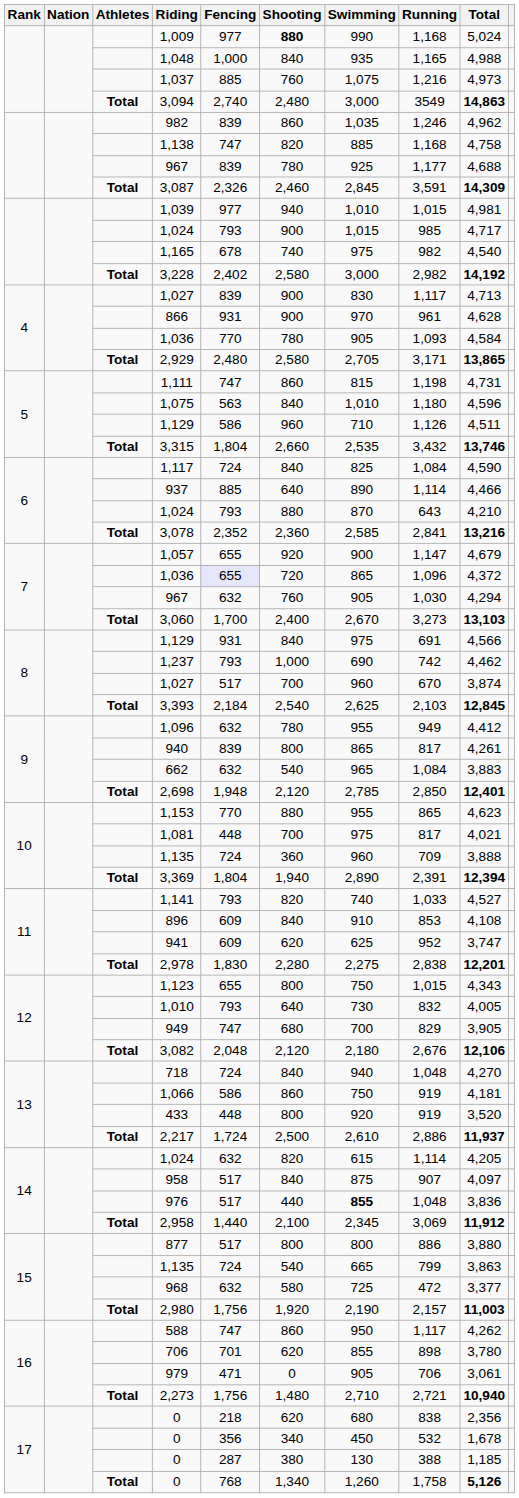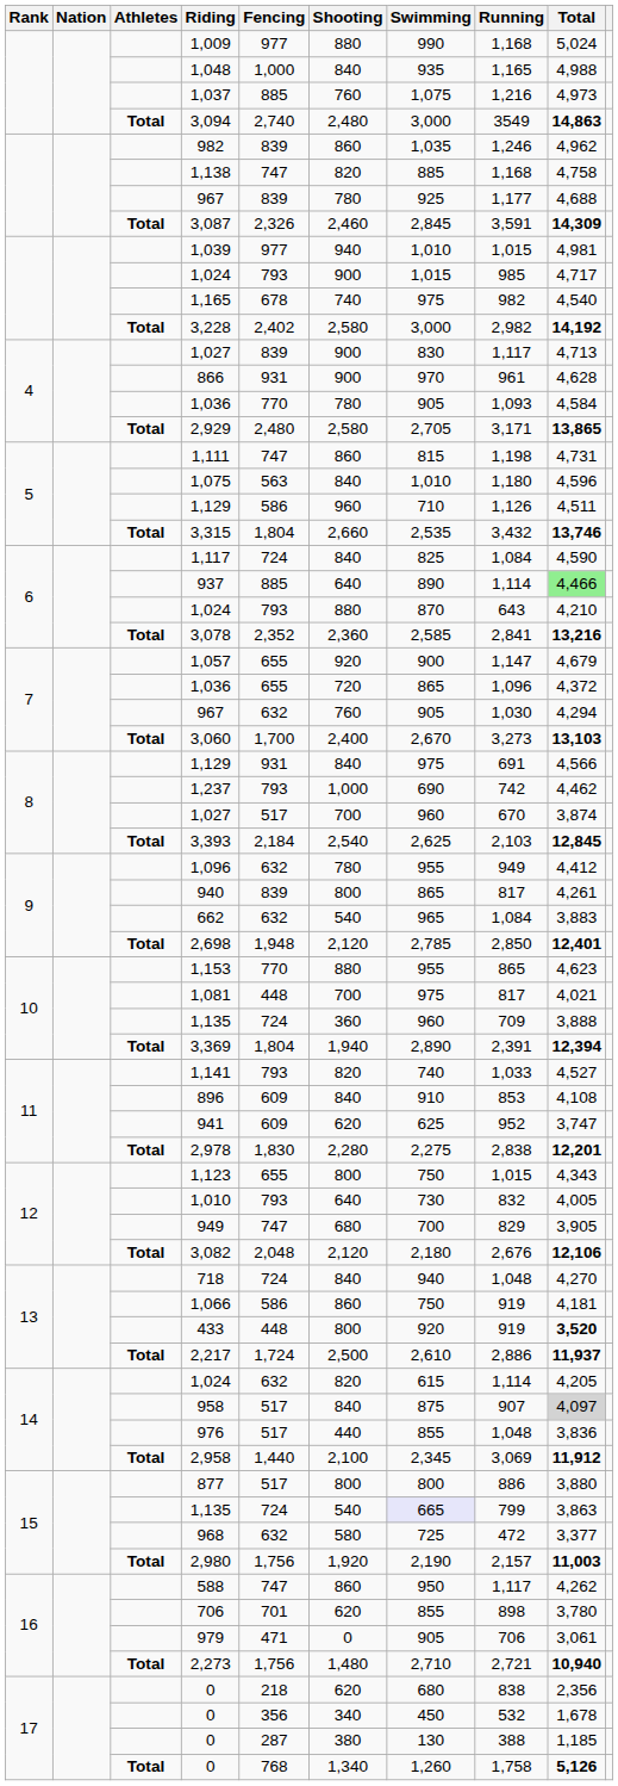 <table class="wikitable sortable" style="text-align:center">
 <tr>
 <th>Rank</th>
 <th>Nation</th>
 <th>Athletes</th>
 <th>Riding</th>
 <th>Fencing</th>
 <th>Shooting</th>
 <th>Swimming</th>
 <th>Running</th>
 <th>Total</th>
 <th></th>
 </tr>
 <tr>
 <td rowspan=4></td>
 <td rowspan=4 align=left></td>
 <td align=left></td>
 <td>1,009</td>
 <td>977</td>
-<td><strong>880</strong></td>
+<td>880</td>
 <td>990</td>
 <td>1,168</td>
 <td>5,024</td>
 <td></td>
 </tr>
 <tr>
 <td align=left></td>
 <td>1,048</td>
 <td>1,000</td>
 <td>840</td>
 <td>935</td>
 <td>1,165</td>
 <td>4,988</td>
 <td></td>
 </tr>
 <tr>
 <td align=left></td>
 <td>1,037</td>
 <td>885</td>
 <td>760</td>
 <td>1,075</td>
 <td>1,216</td>
 <td>4,973</td>
 <td></td>
 </tr>
 <tr>
 <td><strong>Total</strong></td>
 <td>3,094</td>
 <td>2,740</td>
 <td>2,480</td>
 <td>3,000</td>
 <td>3549</td>
 <td><strong>14,863</strong></td>
 <td></td>
 </tr>
 <tr>
 <td rowspan=4></td>
 <td rowspan=4 align=left></td>
 <td align=left></td>
 <td>982</td>
 <td>839</td>
 <td>860</td>
 <td>1,035</td>
 <td>1,246</td>
 <td>4,962</td>
 <td></td>
 </tr>
 <tr>
 <td align=left></td>
 <td>1,138</td>
 <td>747</td>
 <td>820</td>
 <td>885</td>
 <td>1,168</td>
 <td>4,758</td>
 <td></td>
 </tr>
 <tr>
 <td align=left></td>
 <td>967</td>
 <td>839</td>
 <td>780</td>
 <td>925</td>
 <td>1,177</td>
 <td>4,688</td>
 <td></td>
 </tr>
 <tr>
 <td><strong>Total</strong></td>
 <td>3,087</td>
 <td>2,326</td>
 <td>2,460</td>
 <td>2,845</td>
 <td>3,591</td>
 <td><strong>14,309</strong></td>
 <td></td>
 </tr>
 <tr>
 <td rowspan=4></td>
 <td rowspan=4 align=left></td>
 <td align=left></td>
 <td>1,039</td>
 <td>977</td>
 <td>940</td>
 <td>1,010</td>
 <td>1,015</td>
 <td>4,981</td>
 <td></td>
 </tr>
 <tr>
 <td align=left></td>
 <td>1,024</td>
 <td>793</td>
 <td>900</td>
 <td>1,015</td>
 <td>985</td>
 <td>4,717</td>
 <td></td>
 </tr>
 <tr>
 <td align=left></td>
 <td>1,165</td>
 <td>678</td>
 <td>740</td>
 <td>975</td>
 <td>982</td>
 <td>4,540</td>
 <td></td>
 </tr>
 <tr>
 <td><strong>Total</strong></td>
 <td>3,228</td>
 <td>2,402</td>
 <td>2,580</td>
 <td>3,000</td>
 <td>2,982</td>
 <td><strong>14,192</strong></td>
 <td></td>
 </tr>
 <tr>
 <td rowspan=4>4</td>
 <td rowspan=4 align=left></td>
 <td align=left></td>
 <td>1,027</td>
 <td>839</td>
 <td>900</td>
 <td>830</td>
 <td>1,117</td>
 <td>4,713</td>
 <td></td>
 </tr>
 <tr>
 <td align=left></td>
 <td>866</td>
 <td>931</td>
 <td>900</td>
 <td>970</td>
 <td>961</td>
 <td>4,628</td>
 <td></td>
 </tr>
 <tr>
 <td align=left></td>
 <td>1,036</td>
 <td>770</td>
 <td>780</td>
 <td>905</td>
 <td>1,093</td>
 <td>4,584</td>
 <td></td>
 </tr>
 <tr>
 <td><strong>Total</strong></td>
 <td>2,929</td>
 <td>2,480</td>
 <td>2,580</td>
 <td>2,705</td>
 <td>3,171</td>
 <td><strong>13,865</strong></td>
 <td></td>
 </tr>
 <tr>
 <td rowspan=4>5</td>
 <td rowspan=4 align=left></td>
 <td align=left></td>
 <td>1,111</td>
 <td>747</td>
 <td>860</td>
 <td>815</td>
 <td>1,198</td>
 <td>4,731</td>
 <td></td>
 </tr>
 <tr>
 <td align=left></td>
 <td>1,075</td>
 <td>563</td>
 <td>840</td>
 <td>1,010</td>
 <td>1,180</td>
 <td>4,596</td>
 <td></td>
 </tr>
 <tr>
 <td align=left></td>
 <td>1,129</td>
 <td>586</td>
 <td>960</td>
 <td>710</td>
 <td>1,126</td>
 <td>4,511</td>
 <td></td>
 </tr>
 <tr>
 <td><strong>Total</strong></td>
 <td>3,315</td>
 <td>1,804</td>
 <td>2,660</td>
 <td>2,535</td>
 <td>3,432</td>
 <td><strong>13,746</strong></td>
 <td></td>
 </tr>
 <tr>
 <td rowspan=4>6</td>
 <td rowspan=4 align=left></td>
 <td align=left></td>
 <td>1,117</td>
 <td>724</td>
 <td>840</td>
 <td>825</td>
 <td>1,084</td>
 <td>4,590</td>
 <td></td>
 </tr>
 <tr>
 <td align=left></td>
 <td>937</td>
 <td>885</td>
 <td>640</td>
 <td>890</td>
 <td>1,114</td>
-<td>4,466</td>
+<td style="background: lightgreen;">4,466</td>
 <td></td>
 </tr>
 <tr>
 <td align=left></td>
 <td>1,024</td>
 <td>793</td>
 <td>880</td>
 <td>870</td>
 <td>643</td>
 <td>4,210</td>
 <td></td>
 </tr>
 <tr>
 <td><strong>Total</strong></td>
 <td>3,078</td>
 <td>2,352</td>
 <td>2,360</td>
 <td>2,585</td>
 <td>2,841</td>
 <td><strong>13,216</strong></td>
 <td></td>
 </tr>
 <tr>
 <td rowspan=4>7</td>
 <td rowspan=4 align=left></td>
 <td align=left></td>
 <td>1,057</td>
 <td>655</td>
 <td>920</td>
 <td>900</td>
 <td>1,147</td>
 <td>4,679</td>
 <td></td>
 </tr>
 <tr>
 <td align=left></td>
 <td>1,036</td>
-<td style="background: lavender;">655</td>
+<td>655</td>
 <td>720</td>
 <td>865</td>
 <td>1,096</td>
 <td>4,372</td>
 <td></td>
 </tr>
 <tr>
 <td align=left></td>
 <td>967</td>
 <td>632</td>
 <td>760</td>
 <td>905</td>
 <td>1,030</td>
 <td>4,294</td>
 <td></td>
 </tr>
 <tr>
 <td><strong>Total</strong></td>
 <td>3,060</td>
 <td>1,700</td>
 <td>2,400</td>
 <td>2,670</td>
 <td>3,273</td>
 <td><strong>13,103</strong></td>
 <td></td>
 </tr>
 <tr>
 <td rowspan=4>8</td>
 <td rowspan=4 align=left></td>
 <td align=left></td>
 <td>1,129</td>
 <td>931</td>
 <td>840</td>
 <td>975</td>
 <td>691</td>
 <td>4,566</td>
 <td></td>
 </tr>
 <tr>
 <td align=left></td>
 <td>1,237</td>
 <td>793</td>
 <td>1,000</td>
 <td>690</td>
 <td>742</td>
 <td>4,462</td>
 <td></td>
 </tr>
 <tr>
 <td align=left></td>
 <td>1,027</td>
 <td>517</td>
 <td>700</td>
 <td>960</td>
 <td>670</td>
 <td>3,874</td>
 <td></td>
 </tr>
 <tr>
 <td><strong>Total</strong></td>
 <td>3,393</td>
 <td>2,184</td>
 <td>2,540</td>
 <td>2,625</td>
 <td>2,103</td>
 <td><strong>12,845</strong></td>
 <td></td>
 </tr>
 <tr>
 <td rowspan=4>9</td>
 <td rowspan=4 align=left></td>
 <td align=left></td>
 <td>1,096</td>
 <td>632</td>
 <td>780</td>
 <td>955</td>
 <td>949</td>
 <td>4,412</td>
 <td></td>
 </tr>
 <tr>
 <td align=left></td>
 <td>940</td>
 <td>839</td>
 <td>800</td>
 <td>865</td>
 <td>817</td>
 <td>4,261</td>
 <td></td>
 </tr>
 <tr>
 <td align=left></td>
 <td>662</td>
 <td>632</td>
 <td>540</td>
 <td>965</td>
 <td>1,084</td>
 <td>3,883</td>
 <td></td>
 </tr>
 <tr>
 <td><strong>Total</strong></td>
 <td>2,698</td>
 <td>1,948</td>
 <td>2,120</td>
 <td>2,785</td>
 <td>2,850</td>
 <td><strong>12,401</strong></td>
 <td></td>
 </tr>
 <tr>
 <td rowspan=4>10</td>
 <td rowspan=4 align=left></td>
 <td align=left></td>
 <td>1,153</td>
 <td>770</td>
 <td>880</td>
 <td>955</td>
 <td>865</td>
 <td>4,623</td>
 <td></td>
 </tr>
 <tr>
 <td align=left></td>
 <td>1,081</td>
 <td>448</td>
 <td>700</td>
 <td>975</td>
 <td>817</td>
 <td>4,021</td>
 <td></td>
 </tr>
 <tr>
 <td align=left></td>
 <td>1,135</td>
 <td>724</td>
 <td>360</td>
 <td>960</td>
 <td>709</td>
 <td>3,888</td>
 <td></td>
 </tr>
 <tr>
 <td><strong>Total</strong></td>
 <td>3,369</td>
 <td>1,804</td>
 <td>1,940</td>
 <td>2,890</td>
 <td>2,391</td>
 <td><strong>12,394</strong></td>
 <td></td>
 </tr>
 <tr>
 <td rowspan=4>11</td>
 <td rowspan=4 align=left></td>
 <td align=left></td>
 <td>1,141</td>
 <td>793</td>
 <td>820</td>
 <td>740</td>
 <td>1,033</td>
 <td>4,527</td>
 <td></td>
 </tr>
 <tr>
 <td align=left></td>
 <td>896</td>
 <td>609</td>
 <td>840</td>
 <td>910</td>
 <td>853</td>
 <td>4,108</td>
 <td></td>
 </tr>
 <tr>
 <td align=left></td>
 <td>941</td>
 <td>609</td>
 <td>620</td>
 <td>625</td>
 <td>952</td>
 <td>3,747</td>
 <td></td>
 </tr>
 <tr>
 <td><strong>Total</strong></td>
 <td>2,978</td>
 <td>1,830</td>
 <td>2,280</td>
 <td>2,275</td>
 <td>2,838</td>
 <td><strong>12,201</strong></td>
 <td></td>
 </tr>
 <tr>
 <td rowspan=4>12</td>
 <td rowspan=4 align=left></td>
 <td align=left></td>
 <td>1,123</td>
 <td>655</td>
 <td>800</td>
 <td>750</td>
 <td>1,015</td>
 <td>4,343</td>
 <td></td>
 </tr>
 <tr>
 <td align=left></td>
 <td>1,010</td>
 <td>793</td>
 <td>640</td>
 <td>730</td>
 <td>832</td>
 <td>4,005</td>
 <td></td>
 </tr>
 <tr>
 <td align=left></td>
 <td>949</td>
 <td>747</td>
 <td>680</td>
 <td>700</td>
 <td>829</td>
 <td>3,905</td>
 <td></td>
 </tr>
 <tr>
 <td><strong>Total</strong></td>
 <td>3,082</td>
 <td>2,048</td>
 <td>2,120</td>
 <td>2,180</td>
 <td>2,676</td>
 <td><strong>12,106</strong></td>
 <td></td>
 </tr>
 <tr>
 <td rowspan=4>13</td>
 <td rowspan=4 align=left></td>
 <td align=left></td>
 <td>718</td>
 <td>724</td>
 <td>840</td>
 <td>940</td>
 <td>1,048</td>
 <td>4,270</td>
 <td></td>
 </tr>
 <tr>
 <td align=left></td>
 <td>1,066</td>
 <td>586</td>
 <td>860</td>
 <td>750</td>
 <td>919</td>
 <td>4,181</td>
 <td></td>
 </tr>
 <tr>
 <td align=left></td>
 <td>433</td>
 <td>448</td>
 <td>800</td>
 <td>920</td>
 <td>919</td>
-<td>3,520</td>
+<td><strong>3,520</strong></td>
 <td></td>
 </tr>
 <tr>
 <td><strong>Total</strong></td>
 <td>2,217</td>
 <td>1,724</td>
 <td>2,500</td>
 <td>2,610</td>
 <td>2,886</td>
 <td><strong>11,937</strong></td>
 <td></td>
 </tr>
 <tr>
 <td rowspan=4>14</td>
 <td rowspan=4 align=left></td>
 <td align=left></td>
 <td>1,024</td>
 <td>632</td>
 <td>820</td>
 <td>615</td>
 <td>1,114</td>
 <td>4,205</td>
 <td></td>
 </tr>
 <tr>
 <td align=left></td>
 <td>958</td>
 <td>517</td>
 <td>840</td>
 <td>875</td>
 <td>907</td>
-<td>4,097</td>
+<td style="background: lightgrey;">4,097</td>
 <td></td>
 </tr>
 <tr>
 <td align=left></td>
 <td>976</td>
 <td>517</td>
 <td>440</td>
-<td><strong>855</strong></td>
+<td>855</td>
 <td>1,048</td>
 <td>3,836</td>
 <td></td>
 </tr>
 <tr>
 <td><strong>Total</strong></td>
 <td>2,958</td>
 <td>1,440</td>
 <td>2,100</td>
 <td>2,345</td>
 <td>3,069</td>
 <td><strong>11,912</strong></td>
 <td></td>
 </tr>
 <tr>
 <td rowspan=4>15</td>
 <td rowspan=4 align=left></td>
 <td align=left></td>
 <td>877</td>
 <td>517</td>
 <td>800</td>
 <td>800</td>
 <td>886</td>
 <td>3,880</td>
 <td></td>
 </tr>
 <tr>
 <td align=left></td>
 <td>1,135</td>
 <td>724</td>
 <td>540</td>
-<td>665</td>
+<td style="background: lavender;">665</td>
 <td>799</td>
 <td>3,863</td>
 <td></td>
 </tr>
 <tr>
 <td align=left></td>
 <td>968</td>
 <td>632</td>
 <td>580</td>
 <td>725</td>
 <td>472</td>
 <td>3,377</td>
 <td></td>
 </tr>
 <tr>
 <td><strong>Total</strong></td>
 <td>2,980</td>
 <td>1,756</td>
 <td>1,920</td>
 <td>2,190</td>
 <td>2,157</td>
 <td><strong>11,003</strong></td>
 <td></td>
 </tr>
 <tr>
 <td rowspan=4>16</td>
 <td rowspan=4 align=left></td>
 <td align=left></td>
 <td>588</td>
 <td>747</td>
 <td>860</td>
 <td>950</td>
 <td>1,117</td>
 <td>4,262</td>
 <td></td>
 </tr>
 <tr>
 <td align=left></td>
 <td>706</td>
 <td>701</td>
 <td>620</td>
 <td>855</td>
 <td>898</td>
 <td>3,780</td>
 <td></td>
 </tr>
 <tr>
 <td align=left></td>
 <td>979</td>
 <td>471</td>
 <td>0</td>
 <td>905</td>
 <td>706</td>
 <td>3,061</td>
 <td></td>
 </tr>
 <tr>
 <td><strong>Total</strong></td>
 <td>2,273</td>
 <td>1,756</td>
 <td>1,480</td>
 <td>2,710</td>
 <td>2,721</td>
 <td><strong>10,940</strong></td>
 <td></td>
 </tr>
 <tr>
 <td rowspan=4>17</td>
 <td rowspan=4 align=left></td>
 <td align=left></td>
 <td>0</td>
 <td>218</td>
 <td>620</td>
 <td>680</td>
 <td>838</td>
 <td>2,356</td>
 <td></td>
 </tr>
 <tr>
 <td align=left></td>
 <td>0</td>
 <td>356</td>
 <td>340</td>
 <td>450</td>
 <td>532</td>
 <td>1,678</td>
 <td></td>
 </tr>
 <tr>
 <td align=left></td>
 <td>0</td>
 <td>287</td>
 <td>380</td>
 <td>130</td>
 <td>388</td>
 <td>1,185</td>
 <td></td>
 </tr>
 <tr>
 <td><strong>Total</strong></td>
 <td>0</td>
 <td>768</td>
 <td>1,340</td>
 <td>1,260</td>
 <td>1,758</td>
 <td><strong>5,126</strong></td>
 <td></td>
 </tr>
 </table>
